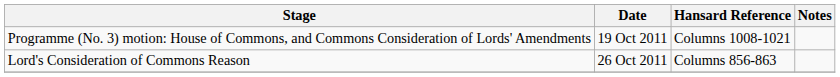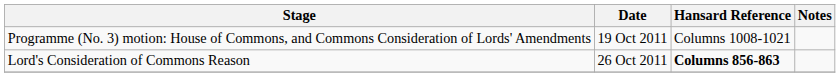 <table class="wikitable sortable">
 <tr>
 <th>Stage</th>
 <th>Date</th>
 <th>Hansard Reference</th>
 <th>Notes</th>
 </tr>
 <tr>
 <td>Programme (No. 3) motion: House of Commons, and Commons Consideration of Lords' Amendments</td>
 <td>19 Oct 2011</td>
 <td>Columns 1008-1021</td>
 <td></td>
 </tr>
 <tr>
 <td>Lord's Consideration of Commons Reason</td>
 <td>26 Oct 2011</td>
-<td>Columns 856-863</td>
+<td><strong>Columns 856-863</strong></td>
 <td></td>
 </tr>
 <tr>
 </tr>
 </table>
